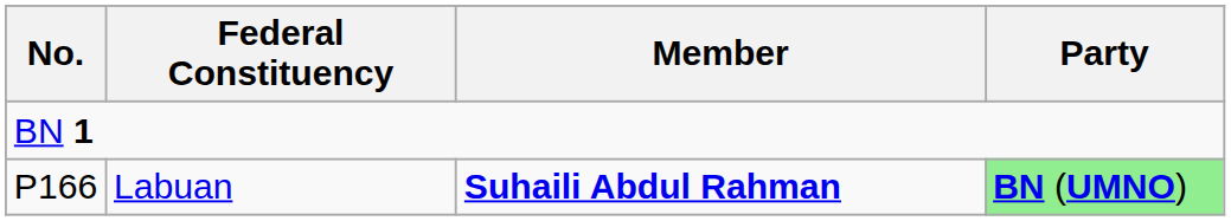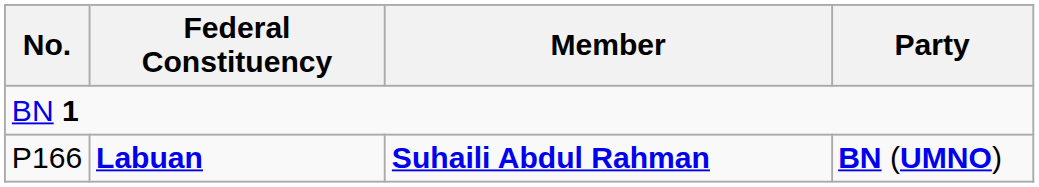 <table class="wikitable sortable">
 <tr>
 <th style="width:30px;">No.</th>
 <th style="width:150px;">Federal Constituency</th>
 <th style="width:230px;">Member</th>
 <th style="width:100px;">Party</th>
 </tr>
 <tr>
 <td colspan="4"><a href='#'>BN</a> <strong>1</strong></td>
 </tr>
 <tr>
 <td>P166</td>
-<td><a href='#'>Labuan</a></td>
+<td><strong><a href='#'>Labuan</a></strong></td>
 <td><strong><a href='#'>Suhaili Abdul Rahman</a></strong></td>
-<td style="background: lightgreen;"><strong><a href='#'>BN</a></strong> (<strong><a href='#'>UMNO</a></strong>)</td>
+<td><strong><a href='#'>BN</a></strong> (<strong><a href='#'>UMNO</a></strong>)</td>
 </tr>
 </table>
